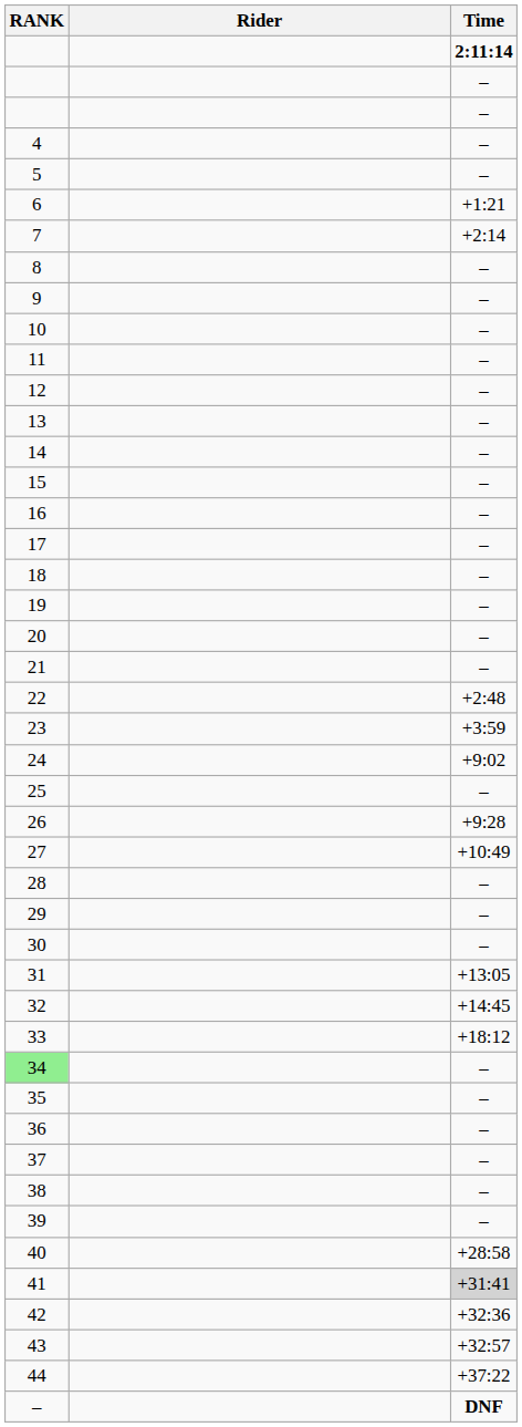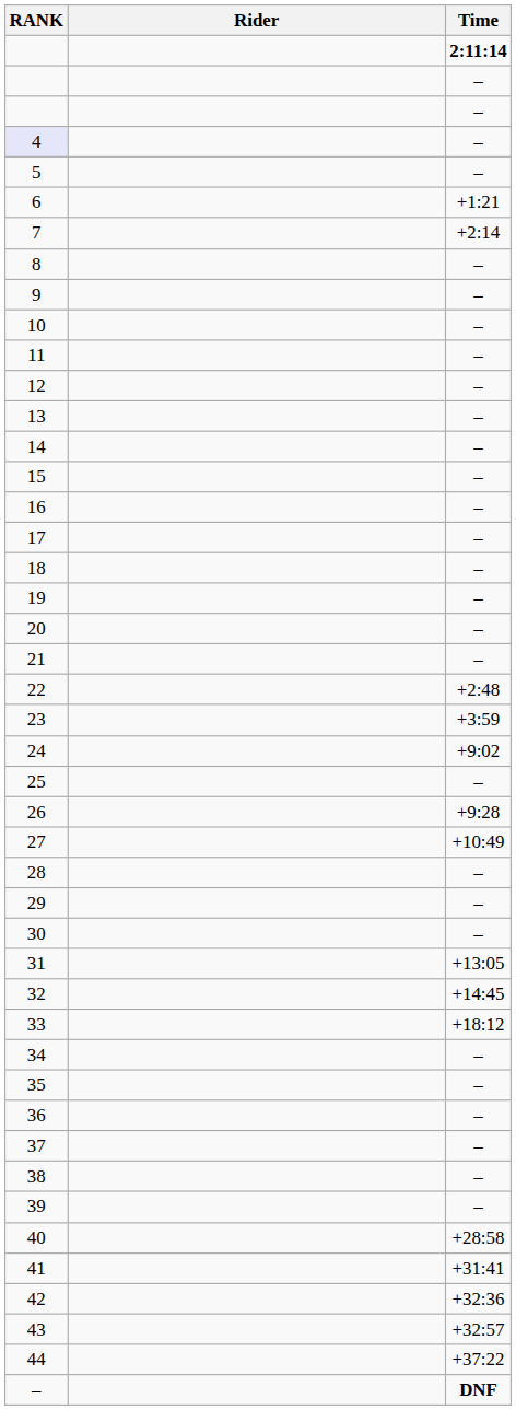 <table class="wikitable" style="font-size:95%;">
 <tr>
 <th>RANK</th>
 <th align="left" style="width: 20em">Rider</th>
 <th>Time</th>
 </tr>
 <tr>
 <td align="center"></td>
 <td></td>
 <td align="center"><strong>2:11:14</strong></td>
 </tr>
 <tr>
 <td align="center"></td>
 <td></td>
 <td align="center">–</td>
 </tr>
 <tr>
 <td align="center"></td>
 <td></td>
 <td align="center">–</td>
 </tr>
 <tr>
-<td align="center">4</td>
+<td align="center" style="background: lavender;">4</td>
 <td></td>
 <td align="center">–</td>
 </tr>
 <tr>
 <td align="center">5</td>
 <td></td>
 <td align="center">–</td>
 </tr>
 <tr>
 <td align="center">6</td>
 <td></td>
 <td align="center">+1:21</td>
 </tr>
 <tr>
 <td align="center">7</td>
 <td></td>
 <td align="center">+2:14</td>
 </tr>
 <tr>
 <td align="center">8</td>
 <td></td>
 <td align="center">–</td>
 </tr>
 <tr>
 <td align="center">9</td>
 <td></td>
 <td align="center">–</td>
 </tr>
 <tr>
 <td align="center">10</td>
 <td></td>
 <td align="center">–</td>
 </tr>
 <tr>
 <td align="center">11</td>
 <td></td>
 <td align="center">–</td>
 </tr>
 <tr>
 <td align="center">12</td>
 <td></td>
 <td align="center">–</td>
 </tr>
 <tr>
 <td align="center">13</td>
 <td></td>
 <td align="center">–</td>
 </tr>
 <tr>
 <td align="center">14</td>
 <td></td>
 <td align="center">–</td>
 </tr>
 <tr>
 <td align="center">15</td>
 <td></td>
 <td align="center">–</td>
 </tr>
 <tr>
 <td align="center">16</td>
 <td></td>
 <td align="center">–</td>
 </tr>
 <tr>
 <td align="center">17</td>
 <td></td>
 <td align="center">–</td>
 </tr>
 <tr>
 <td align="center">18</td>
 <td></td>
 <td align="center">–</td>
 </tr>
 <tr>
 <td align="center">19</td>
 <td></td>
 <td align="center">–</td>
 </tr>
 <tr>
 <td align="center">20</td>
 <td></td>
 <td align="center">–</td>
 </tr>
 <tr>
 <td align="center">21</td>
 <td></td>
 <td align="center">–</td>
 </tr>
 <tr>
 <td align="center">22</td>
 <td></td>
 <td align="center">+2:48</td>
 </tr>
 <tr>
 <td align="center">23</td>
 <td></td>
 <td align="center">+3:59</td>
 </tr>
 <tr>
 <td align="center">24</td>
 <td></td>
 <td align="center">+9:02</td>
 </tr>
 <tr>
 <td align="center">25</td>
 <td></td>
 <td align="center">–</td>
 </tr>
 <tr>
 <td align="center">26</td>
 <td></td>
 <td align="center">+9:28</td>
 </tr>
 <tr>
 <td align="center">27</td>
 <td></td>
 <td align="center">+10:49</td>
 </tr>
 <tr>
 <td align="center">28</td>
 <td></td>
 <td align="center">–</td>
 </tr>
 <tr>
 <td align="center">29</td>
 <td></td>
 <td align="center">–</td>
 </tr>
 <tr>
 <td align="center">30</td>
 <td></td>
 <td align="center">–</td>
 </tr>
 <tr>
 <td align="center">31</td>
 <td></td>
 <td align="center">+13:05</td>
 </tr>
 <tr>
 <td align="center">32</td>
 <td></td>
 <td align="center">+14:45</td>
 </tr>
 <tr>
 <td align="center">33</td>
 <td></td>
 <td align="center">+18:12</td>
 </tr>
 <tr>
-<td align="center" style="background: lightgreen;">34</td>
+<td align="center">34</td>
 <td></td>
 <td align="center">–</td>
 </tr>
 <tr>
 <td align="center">35</td>
 <td></td>
 <td align="center">–</td>
 </tr>
 <tr>
 <td align="center">36</td>
 <td></td>
 <td align="center">–</td>
 </tr>
 <tr>
 <td align="center">37</td>
 <td></td>
 <td align="center">–</td>
 </tr>
 <tr>
 <td align="center">38</td>
 <td></td>
 <td align="center">–</td>
 </tr>
 <tr>
 <td align="center">39</td>
 <td></td>
 <td align="center">–</td>
 </tr>
 <tr>
 <td align="center">40</td>
 <td></td>
 <td align="center">+28:58</td>
 </tr>
 <tr>
 <td align="center">41</td>
 <td></td>
-<td align="center" style="background: lightgrey;">+31:41</td>
+<td align="center">+31:41</td>
 </tr>
 <tr>
 <td align="center">42</td>
 <td></td>
 <td align="center">+32:36</td>
 </tr>
 <tr>
 <td align="center">43</td>
 <td></td>
 <td align="center">+32:57</td>
 </tr>
 <tr>
 <td align="center">44</td>
 <td></td>
 <td align="center">+37:22</td>
 </tr>
 <tr>
 <td align="center">–</td>
 <td></td>
 <td align="center"><strong>DNF</strong></td>
 </tr>
 </table>
